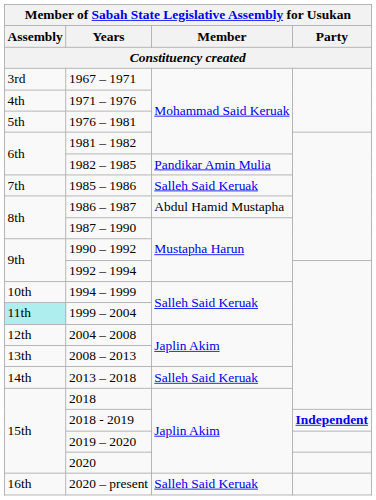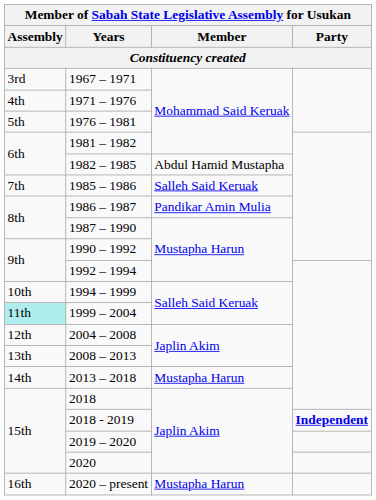 <table class="wikitable">
 <tr>
 <th colspan="4">Member of <a href='#'>Sabah State Legislative Assembly</a> for Usukan</th>
 </tr>
 <tr>
 <th>Assembly</th>
 <th>Years</th>
 <th>Member</th>
 <th>Party</th>
 </tr>
 <tr>
 <th colspan="4" align="center"><em>Constituency created</em></th>
 </tr>
 <tr>
 <td>3rd</td>
 <td>1967 – 1971</td>
 <td rowspan="4"><a href='#'>Mohammad Said Keruak</a></td>
 <td rowspan="3"></td>
 </tr>
 <tr>
 <td>4th</td>
 <td>1971 – 1976</td>
 </tr>
 <tr>
 <td>5th</td>
 <td>1976 – 1981</td>
 </tr>
 <tr>
 <td rowspan="2">6th</td>
 <td>1981 – 1982</td>
 <td rowspan="6"></td>
 </tr>
 <tr>
 <td>1982 – 1985</td>
-<td><a href='#'>Pandikar Amin Mulia</a></td>
+<td>Abdul Hamid Mustapha</td>
 </tr>
 <tr>
 <td>7th</td>
 <td>1985 – 1986</td>
 <td><a href='#'>Salleh Said Keruak</a></td>
 </tr>
 <tr>
 <td rowspan="2">8th</td>
 <td>1986 – 1987</td>
-<td>Abdul Hamid Mustapha</td>
+<td><a href='#'>Pandikar Amin Mulia</a></td>
 </tr>
 <tr>
 <td>1987 – 1990</td>
 <td rowspan="3"><a href='#'>Mustapha Harun</a></td>
 </tr>
 <tr>
 <td rowspan="2">9th</td>
 <td>1990 – 1992</td>
 </tr>
 <tr>
 <td>1992 – 1994</td>
 <td rowspan="7"></td>
 </tr>
 <tr>
 <td>10th</td>
 <td>1994 – 1999</td>
 <td rowspan="2"><a href='#'>Salleh Said Keruak</a></td>
 </tr>
 <tr>
 <td style="background: paleturquoise;">11th</td>
 <td>1999 – 2004</td>
 </tr>
 <tr>
 <td>12th</td>
 <td>2004 – 2008</td>
 <td rowspan="2"><a href='#'>Japlin Akim</a></td>
 </tr>
 <tr>
 <td>13th</td>
 <td>2008 – 2013</td>
 </tr>
 <tr>
 <td>14th</td>
 <td>2013 – 2018</td>
-<td><a href='#'>Salleh Said Keruak</a></td>
+<td><a href='#'>Mustapha Harun</a></td>
 </tr>
 <tr>
 <td rowspan=4>15th</td>
 <td>2018</td>
 <td rowspan=4><a href='#'>Japlin Akim</a></td>
 </tr>
 <tr>
 <td>2018 - 2019</td>
 <td><strong><a href='#'>Independent</a></strong></td>
 </tr>
 <tr>
 <td>2019 – 2020</td>
 <td></td>
 </tr>
 <tr>
 <td>2020</td>
 <td></td>
 </tr>
 <tr>
 <td>16th</td>
 <td>2020 – present</td>
-<td><a href='#'>Salleh Said Keruak</a></td>
+<td><a href='#'>Mustapha Harun</a></td>
 <td></td>
 </tr>
 </table>
